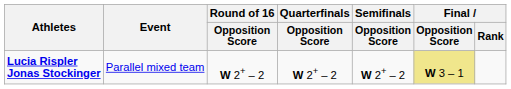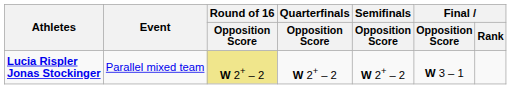 <table class="wikitable" style="font-size:90%">
 <tr>
 <th rowspan="2">Athletes</th>
 <th rowspan="2">Event</th>
 <th>Round of 16</th>
 <th>Quarterfinals</th>
 <th>Semifinals</th>
 <th colspan="2">Final / </th>
 </tr>
 <tr style="font-size:95%">
 <th>Opposition<br>Score</th>
 <th>Opposition<br>Score</th>
 <th>Opposition<br>Score</th>
 <th>Opposition<br>Score</th>
 <th>Rank</th>
 </tr>
 <tr align=center>
 <td align=left><strong><a href='#'>Lucia Rispler</a><br><a href='#'>Jonas Stockinger</a></strong></td>
 <td align=left><a href='#'>Parallel mixed team</a></td>
+<td style="background: khaki;"><br><strong>W</strong> 2<sup>+</sup> – 2</td>
 <td><br><strong>W</strong> 2<sup>+</sup> – 2</td>
 <td><br><strong>W</strong> 2<sup>+</sup> – 2</td>
-<td><br><strong>W</strong> 2<sup>+</sup> – 2</td>
-<td style="background: khaki;"><br><strong>W</strong> 3 – 1</td>
+<td><br><strong>W</strong> 3 – 1</td>
 <td></td>
 </tr>
 </table>
